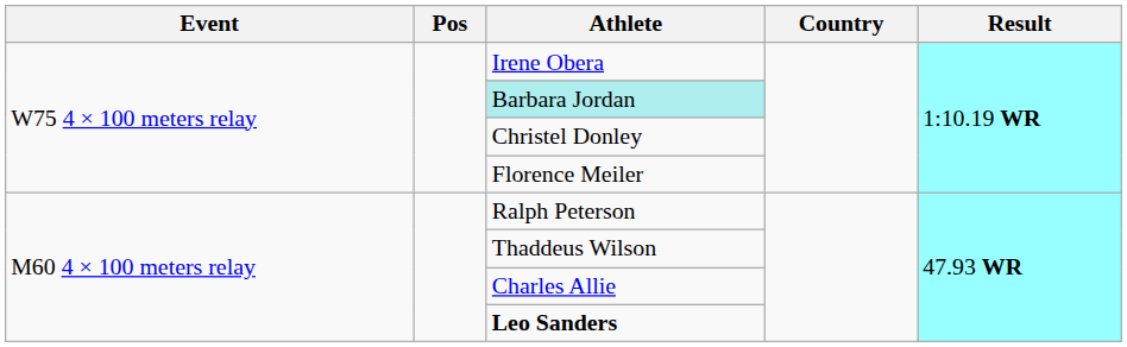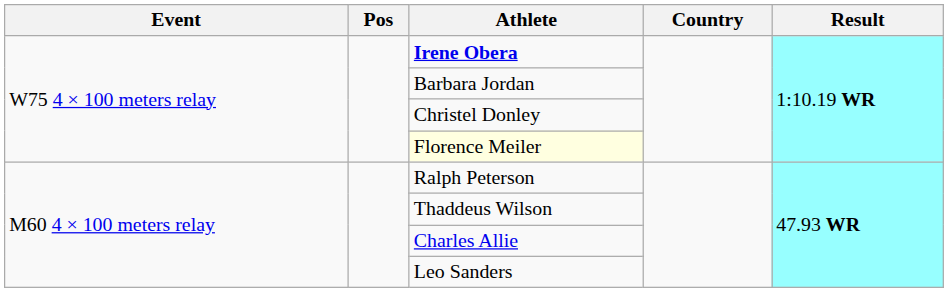 <table class="wikitable" style="width:60%;">
 <tr>
 <th>Event</th>
 <th>Pos</th>
 <th>Athlete</th>
 <th>Country</th>
 <th>Result</th>
 </tr>
 <tr>
 <td rowspan="4">W75 <a href='#'>4 × 100 meters relay</a></td>
 <td rowspan="4" align="center"></td>
-<td><a href='#'>Irene Obera</a></td>
+<td><strong><a href='#'>Irene Obera</a></strong></td>
 <td rowspan="4"></td>
 <td rowspan="4" bgcolor=#97ffff>1:10.19 <strong>WR</strong></td>
 </tr>
 <tr>
-<td style="background: paleturquoise;">Barbara Jordan</td>
+<td>Barbara Jordan</td>
 </tr>
 <tr>
 <td>Christel Donley</td>
 </tr>
 <tr>
-<td>Florence Meiler</td>
+<td style="background: lightyellow;">Florence Meiler</td>
 </tr>
 <tr>
 <td rowspan="4">M60 <a href='#'>4 × 100 meters relay</a></td>
 <td rowspan="4" align="center"></td>
 <td>Ralph Peterson</td>
 <td rowspan="4"></td>
 <td rowspan="4" bgcolor=#97ffff>47.93 <strong>WR</strong></td>
 </tr>
 <tr>
 <td>Thaddeus Wilson</td>
 </tr>
 <tr>
 <td><a href='#'>Charles Allie</a></td>
 </tr>
 <tr>
-<td><strong>Leo Sanders</strong></td>
+<td>Leo Sanders</td>
 </tr>
 </table>
